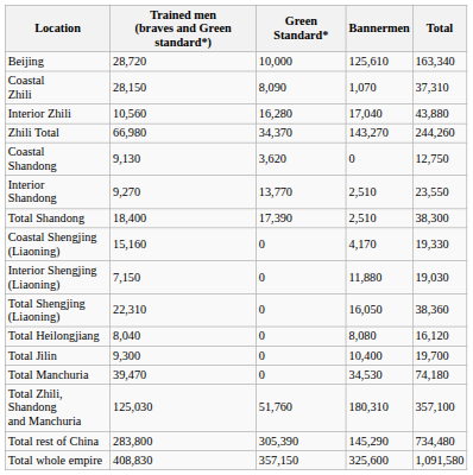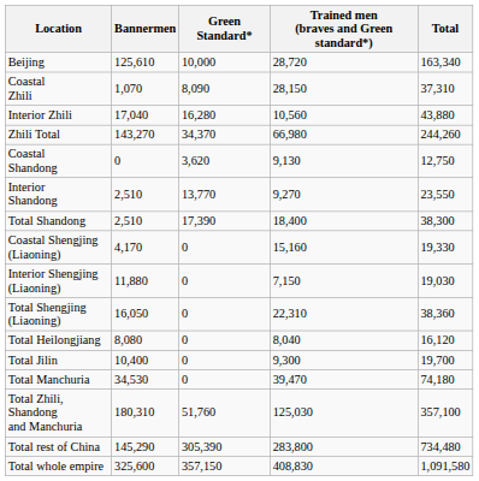 <table class="wikitable collapsible collapsed">
 <tr>
 <th>Location</th>
+<th>Bannermen</th>
+<th>Green Standard*</th>
 <th>Trained men<br>(braves and Green  standard*)</th>
-<th>Green Standard*</th>
-<th>Bannermen</th>
 <th>Total</th>
 </tr>
 <tr>
 <td>Beijing</td>
+<td>125,610</td>
+<td>10,000</td>
 <td>28,720</td>
-<td>10,000</td>
-<td>125,610</td>
 <td>163,340</td>
 </tr>
 <tr>
 <td>Coastal<br>Zhili</td>
+<td>1,070</td>
+<td>8,090</td>
 <td>28,150</td>
-<td>8,090</td>
-<td>1,070</td>
 <td>37,310</td>
 </tr>
 <tr>
 <td>Interior Zhili</td>
+<td>17,040</td>
+<td>16,280</td>
 <td>10,560</td>
-<td>16,280</td>
-<td>17,040</td>
 <td>43,880</td>
 </tr>
 <tr>
 <td>Zhili Total</td>
+<td>143,270</td>
+<td>34,370</td>
 <td>66,980</td>
-<td>34,370</td>
-<td>143,270</td>
 <td>244,260</td>
 </tr>
 <tr>
 <td>Coastal<br>Shandong</td>
+<td>0</td>
+<td>3,620</td>
 <td>9,130</td>
-<td>3,620</td>
-<td>0</td>
 <td>12,750</td>
 </tr>
 <tr>
 <td>Interior<br>Shandong</td>
+<td>2,510</td>
+<td>13,770</td>
 <td>9,270</td>
-<td>13,770</td>
-<td>2,510</td>
 <td>23,550</td>
 </tr>
 <tr>
 <td>Total Shandong</td>
+<td>2,510</td>
+<td>17,390</td>
 <td>18,400</td>
-<td>17,390</td>
-<td>2,510</td>
 <td>38,300</td>
 </tr>
 <tr>
 <td>Coastal Shengjing<br>(Liaoning)</td>
+<td>4,170</td>
+<td>0</td>
 <td>15,160</td>
-<td>0</td>
-<td>4,170</td>
 <td>19,330</td>
 </tr>
 <tr>
 <td>Interior Shengjing<br>(Liaoning)</td>
+<td>11,880</td>
+<td>0</td>
 <td>7,150</td>
-<td>0</td>
-<td>11,880</td>
 <td>19,030</td>
 </tr>
 <tr>
 <td>Total Shengjing<br>(Liaoning)</td>
+<td>16,050</td>
+<td>0</td>
 <td>22,310</td>
-<td>0</td>
-<td>16,050</td>
 <td>38,360</td>
 </tr>
 <tr>
 <td>Total Heilongjiang</td>
+<td>8,080</td>
+<td>0</td>
 <td>8,040</td>
-<td>0</td>
-<td>8,080</td>
 <td>16,120</td>
 </tr>
 <tr>
 <td>Total Jilin</td>
+<td>10,400</td>
+<td>0</td>
 <td>9,300</td>
-<td>0</td>
-<td>10,400</td>
 <td>19,700</td>
 </tr>
 <tr>
 <td>Total Manchuria</td>
+<td>34,530</td>
+<td>0</td>
 <td>39,470</td>
-<td>0</td>
-<td>34,530</td>
 <td>74,180</td>
 </tr>
 <tr>
 <td>Total Zhili, Shandong<br>and Manchuria</td>
+<td>180,310</td>
+<td>51,760</td>
 <td>125,030</td>
-<td>51,760</td>
-<td>180,310</td>
 <td>357,100</td>
 </tr>
 <tr>
 <td>Total rest of China</td>
+<td>145,290</td>
+<td>305,390</td>
 <td>283,800</td>
-<td>305,390</td>
-<td>145,290</td>
 <td>734,480</td>
 </tr>
 <tr>
 <td>Total whole empire</td>
+<td>325,600</td>
+<td>357,150</td>
 <td>408,830</td>
-<td>357,150</td>
-<td>325,600</td>
 <td>1,091,580</td>
 </tr>
 </table>
